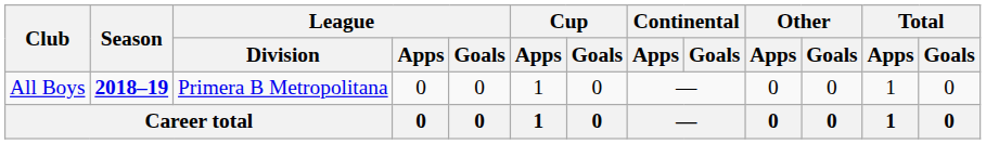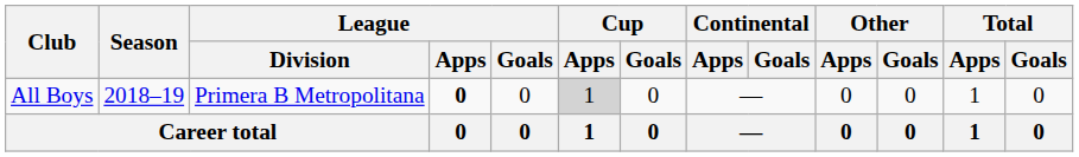 <table class="wikitable" style="text-align:center">
 <tr>
 <th rowspan="2">Club</th>
 <th rowspan="2">Season</th>
 <th colspan="3">League</th>
 <th colspan="2">Cup</th>
 <th colspan="2">Continental</th>
 <th colspan="2">Other</th>
 <th colspan="2">Total</th>
 </tr>
 <tr>
 <th>Division</th>
 <th>Apps</th>
 <th>Goals</th>
 <th>Apps</th>
 <th>Goals</th>
 <th>Apps</th>
 <th>Goals</th>
 <th>Apps</th>
 <th>Goals</th>
 <th>Apps</th>
 <th>Goals</th>
 </tr>
 <tr>
 <td rowspan="1"><a href='#'>All Boys</a></td>
-<td><strong><a href='#'>2018–19</a></strong></td>
+<td><a href='#'>2018–19</a></td>
 <td rowspan="1"><a href='#'>Primera B Metropolitana</a></td>
+<td><strong>0</strong></td>
 <td>0</td>
-<td>0</td>
-<td>1</td>
+<td style="background: lightgrey;">1</td>
 <td>0</td>
 <td colspan="2">—</td>
 <td>0</td>
 <td>0</td>
 <td>1</td>
 <td>0</td>
 </tr>
 <tr>
 <th colspan="3">Career total</th>
 <th>0</th>
 <th>0</th>
 <th>1</th>
 <th>0</th>
 <th colspan="2">—</th>
 <th>0</th>
 <th>0</th>
 <th>1</th>
 <th>0</th>
 </tr>
 </table>
